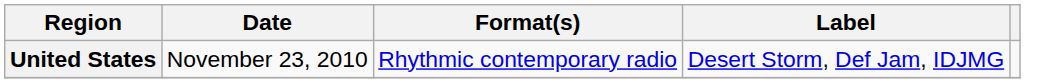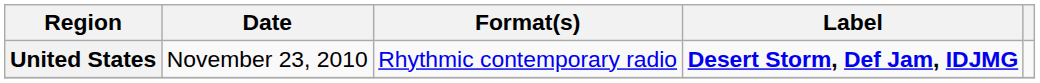 <table class="wikitable plainrowheaders">
 <tr>
 <th scope="col">Region</th>
 <th scope="col">Date</th>
 <th scope="col">Format(s)</th>
 <th scope="col">Label</th>
 <th scope="col"></th>
 </tr>
 <tr>
 <th scope="row">United States</th>
 <td>November 23, 2010</td>
 <td><a href='#'>Rhythmic contemporary radio</a></td>
-<td><a href='#'>Desert Storm</a>, <a href='#'>Def Jam</a>, <a href='#'>IDJMG</a></td>
+<td><strong><a href='#'>Desert Storm</a>, <a href='#'>Def Jam</a>, <a href='#'>IDJMG</a></strong></td>
 <td></td>
 </tr>
 <tr>
 </tr>
 </table>
